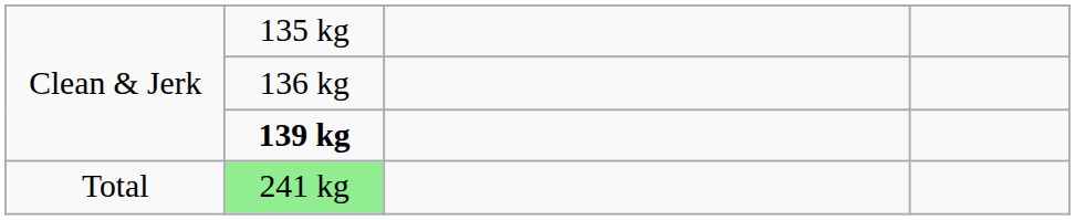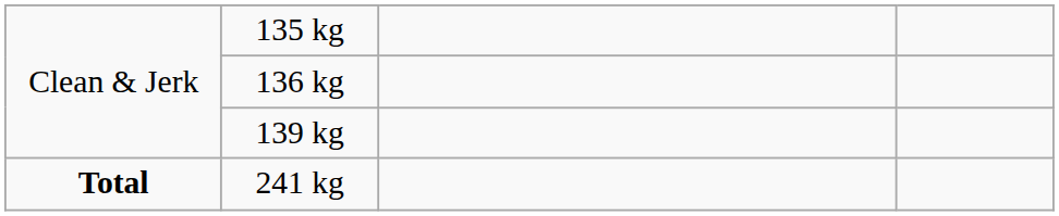 <table class = "wikitable" style="text-align:center;">
 <tr>
 <td rowspan=3 width=100>Clean & Jerk</td>
 <td width=70>135 kg</td>
 <td width=250 align=left></td>
 <td width=70></td>
 </tr>
 <tr>
 <td>136 kg</td>
 <td align=left></td>
 <td></td>
 </tr>
 <tr>
-<td><strong>139 kg</strong></td>
+<td>139 kg</td>
 <td align=left></td>
 <td></td>
 </tr>
 <tr>
-<td>Total</td>
-<td style="background: lightgreen;">241 kg</td>
+<td><strong>Total</strong></td>
+<td>241 kg</td>
 <td align=left></td>
 <td></td>
 </tr>
 </table>
